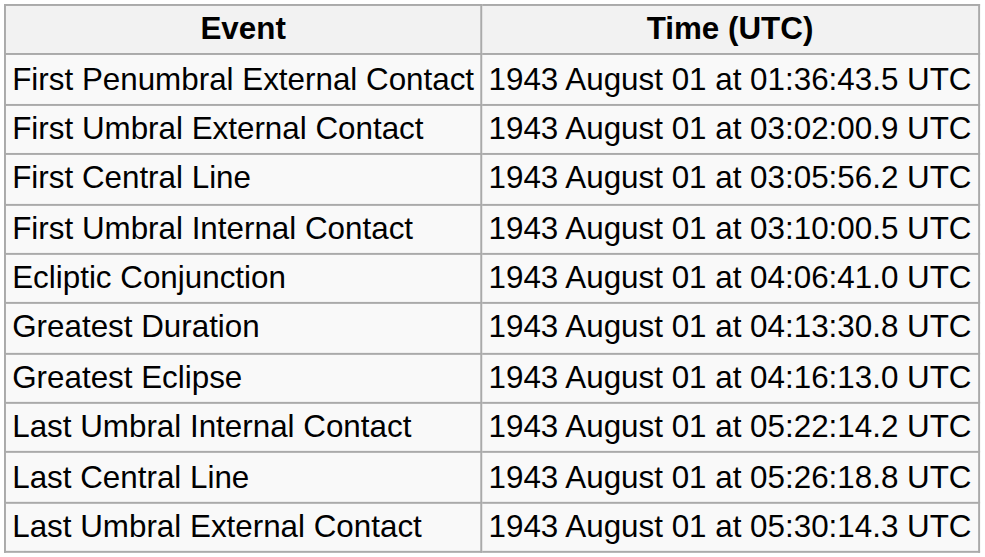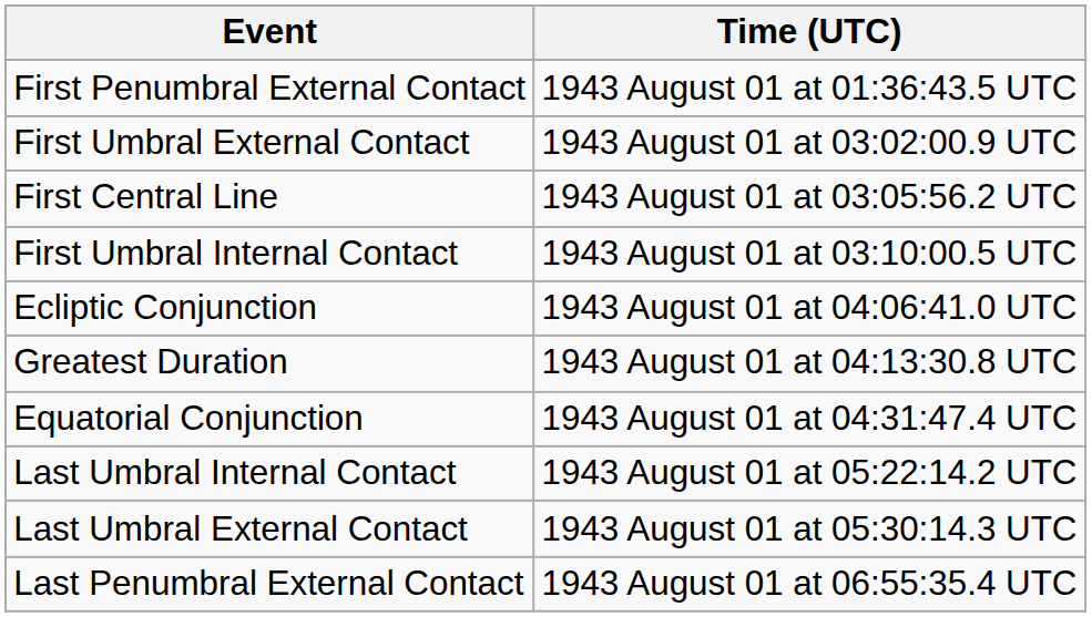 <table class="wikitable">
 <tr>
 <th>Event</th>
 <th>Time (UTC)</th>
 </tr>
 <tr>
 <td>First Penumbral External Contact</td>
 <td>1943 August 01 at 01:36:43.5 UTC</td>
 </tr>
 <tr>
 <td>First Umbral External Contact</td>
 <td>1943 August 01 at 03:02:00.9 UTC</td>
 </tr>
 <tr>
 <td>First Central Line</td>
 <td>1943 August 01 at 03:05:56.2 UTC</td>
 </tr>
 <tr>
 <td>First Umbral Internal Contact</td>
 <td>1943 August 01 at 03:10:00.5 UTC</td>
 </tr>
 <tr>
 <td>Ecliptic Conjunction</td>
 <td>1943 August 01 at 04:06:41.0 UTC</td>
 </tr>
 <tr>
 <td>Greatest Duration</td>
 <td>1943 August 01 at 04:13:30.8 UTC</td>
 </tr>
 <tr>
-<td>Greatest Eclipse</td>
-<td>1943 August 01 at 04:16:13.0 UTC</td>
+<td>Equatorial Conjunction</td>
+<td>1943 August 01 at 04:31:47.4 UTC</td>
 </tr>
 <tr>
 <td>Last Umbral Internal Contact</td>
 <td>1943 August 01 at 05:22:14.2 UTC</td>
 </tr>
 <tr>
-<td>Last Central Line</td>
-<td>1943 August 01 at 05:26:18.8 UTC</td>
-</tr>
-<tr>
 <td>Last Umbral External Contact</td>
 <td>1943 August 01 at 05:30:14.3 UTC</td>
 </tr>
+<tr>
+<td>Last Penumbral External Contact</td>
+<td>1943 August 01 at 06:55:35.4 UTC</td>
+</tr>
 </table>
